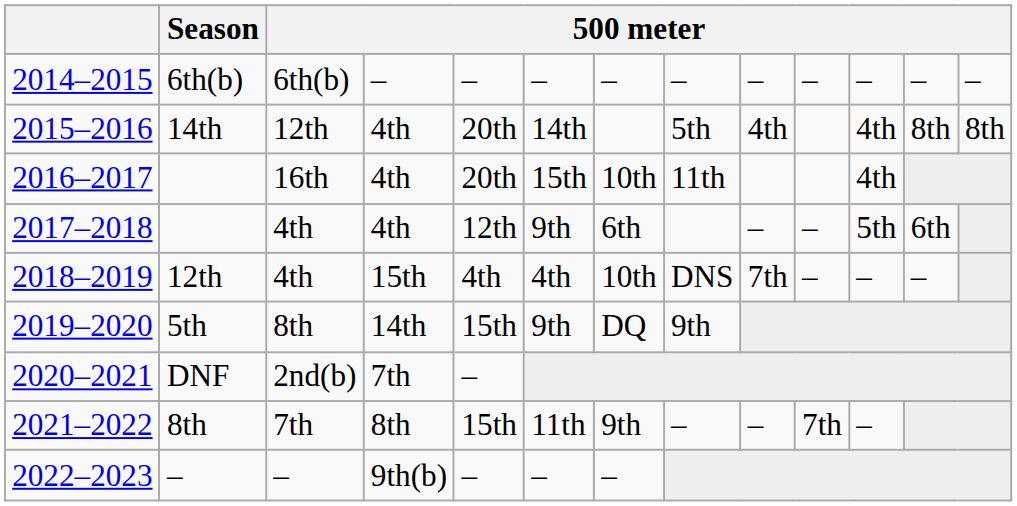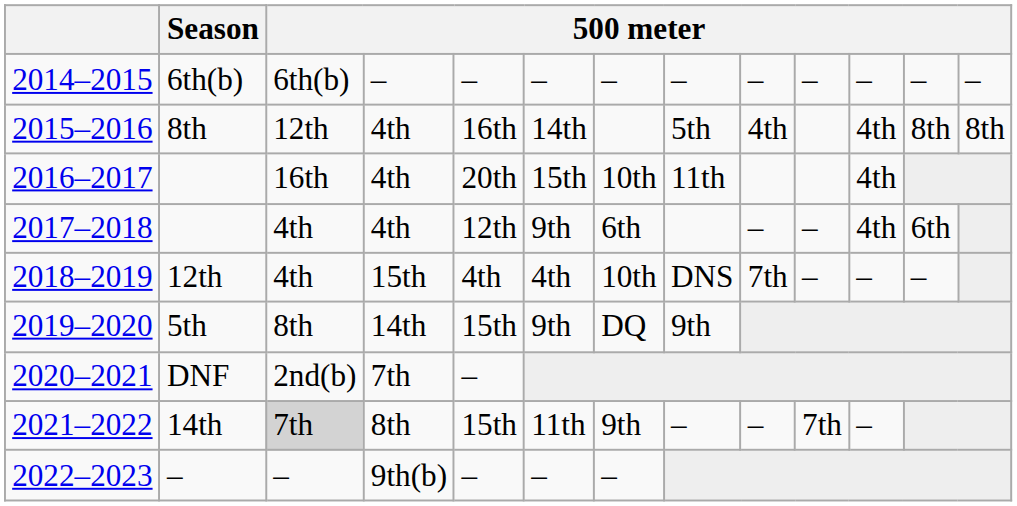 <table class="wikitable" style="display: inline-table">
 <tr>
 <th></th>
 <th>Season</th>
 <th colspan="12">500 meter</th>
 </tr>
 <tr>
 <td><a href='#'>2014–2015</a></td>
 <td>6th(b)</td>
 <td>6th(b)</td>
 <td>–</td>
 <td>–</td>
 <td>–</td>
 <td>–</td>
 <td>–</td>
 <td>–</td>
 <td>–</td>
 <td>–</td>
 <td>–</td>
 <td>–</td>
 </tr>
 <tr>
 <td><a href='#'>2015–2016</a></td>
-<td>14th</td>
+<td>8th</td>
 <td>12th</td>
 <td>4th</td>
-<td>20th</td>
+<td>16th</td>
 <td>14th</td>
 <td></td>
 <td>5th</td>
 <td>4th</td>
 <td></td>
 <td>4th</td>
 <td>8th</td>
 <td>8th</td>
 </tr>
 <tr>
 <td><a href='#'>2016–2017</a></td>
 <td></td>
 <td>16th</td>
 <td>4th</td>
 <td>20th</td>
 <td>15th</td>
 <td>10th</td>
 <td>11th</td>
 <td></td>
 <td></td>
 <td>4th</td>
 <td colspan="12" bgcolor=#EEEEEE></td>
 </tr>
 <tr>
 <td><a href='#'>2017–2018</a></td>
 <td></td>
 <td>4th</td>
 <td>4th</td>
 <td>12th</td>
 <td>9th</td>
 <td>6th</td>
 <td></td>
 <td>–</td>
 <td>–</td>
-<td>5th</td>
+<td>4th</td>
 <td>6th</td>
 <td colspan="12" bgcolor=#EEEEEE></td>
 </tr>
 <tr>
 <td><a href='#'>2018–2019</a></td>
 <td>12th</td>
 <td>4th</td>
 <td>15th</td>
 <td>4th</td>
 <td>4th</td>
 <td>10th</td>
 <td>DNS</td>
 <td>7th</td>
 <td>–</td>
 <td>–</td>
 <td>–</td>
 <td colspan="1" bgcolor=#EEEEEE></td>
 </tr>
 <tr>
 <td><a href='#'>2019–2020</a></td>
 <td>5th</td>
 <td>8th</td>
 <td>14th</td>
 <td>15th</td>
 <td>9th</td>
 <td>DQ</td>
 <td>9th</td>
 <td colspan="5" bgcolor=#EEEEEE></td>
 </tr>
 <tr>
 <td><a href='#'>2020–2021</a></td>
 <td>DNF</td>
 <td>2nd(b)</td>
 <td>7th</td>
 <td>–</td>
 <td colspan="8" bgcolor=#EEEEEE></td>
 </tr>
 <tr>
 <td><a href='#'>2021–2022</a></td>
-<td>8th</td>
-<td>7th</td>
+<td>14th</td>
+<td style="background: lightgrey;">7th</td>
 <td>8th</td>
 <td>15th</td>
 <td>11th</td>
 <td>9th</td>
 <td>–</td>
 <td>–</td>
 <td>7th</td>
 <td>–</td>
 <td colspan="2" bgcolor=#EEEEEE></td>
 </tr>
 <tr>
 <td><a href='#'>2022–2023</a></td>
 <td>–</td>
 <td>–</td>
 <td>9th(b)</td>
 <td>–</td>
 <td>–</td>
 <td>–</td>
 <td colspan="6" bgcolor=#EEEEEE></td>
 </tr>
 </table>
